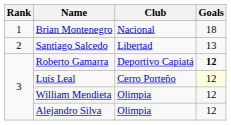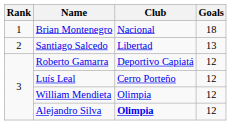 <table class="wikitable" border="1">
 <tr>
 <th>Rank</th>
 <th>Name</th>
 <th>Club</th>
 <th>Goals</th>
 </tr>
 <tr>
 <td align=center>1</td>
 <td> <a href='#'>Brian Montenegro</a></td>
 <td><a href='#'>Nacional</a></td>
 <td align=center>18</td>
 </tr>
 <tr>
 <td align=center>2</td>
 <td> <a href='#'>Santiago Salcedo</a></td>
 <td><a href='#'>Libertad</a></td>
 <td align=center>13</td>
 </tr>
 <tr>
 <td rowspan=4 align=center>3</td>
 <td> <a href='#'>Roberto Gamarra</a></td>
 <td><a href='#'>Deportivo Capiatá</a></td>
-<td align=center><strong>12</strong></td>
+<td align=center>12</td>
 </tr>
 <tr>
 <td> <a href='#'>Luís Leal</a></td>
 <td><a href='#'>Cerro Porteño</a></td>
-<td align=center style="background: lightyellow;">12</td>
+<td align=center>12</td>
 </tr>
 <tr>
 <td> <a href='#'>William Mendieta</a></td>
 <td><a href='#'>Olimpia</a></td>
 <td align=center>12</td>
 </tr>
 <tr>
 <td> <a href='#'>Alejandro Silva</a></td>
-<td><a href='#'>Olimpia</a></td>
+<td><strong><a href='#'>Olimpia</a></strong></td>
 <td align=center>12</td>
 </tr>
 </table>
